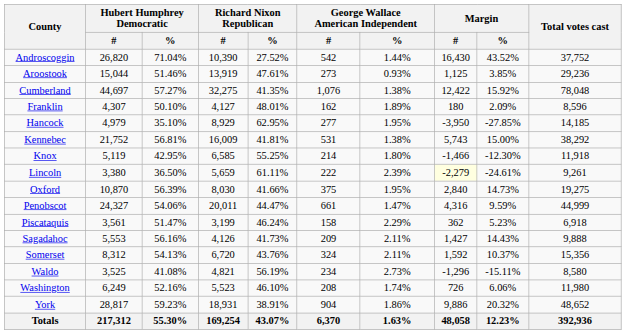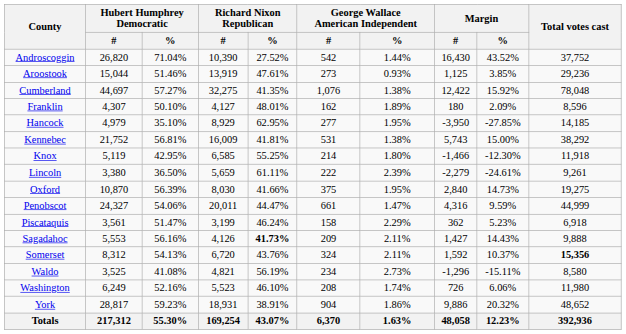 <table width="60%" class="wikitable sortable">
 <tr>
 <th rowspan="2">County</th>
 <th colspan="2">Hubert Humphrey<br>Democratic</th>
 <th colspan="2">Richard Nixon<br>Republican</th>
 <th colspan="2">George Wallace<br>American Independent</th>
 <th colspan="2">Margin</th>
 <th rowspan="2">Total votes cast</th>
 </tr>
 <tr>
 <th style="text-align:center;" data-sort-type="number">#</th>
 <th style="text-align:center;" data-sort-type="number">%</th>
 <th style="text-align:center;" data-sort-type="number">#</th>
 <th style="text-align:center;" data-sort-type="number">%</th>
 <th style="text-align:center;" data-sort-type="number">#</th>
 <th style="text-align:center;" data-sort-type="number">%</th>
 <th style="text-align:center;" data-sort-type="number">#</th>
 <th style="text-align:center;" data-sort-type="number">%</th>
 </tr>
 <tr style="text-align:center;">
 <td><a href='#'>Androscoggin</a></td>
 <td>26,820</td>
 <td>71.04%</td>
 <td>10,390</td>
 <td>27.52%</td>
 <td>542</td>
 <td>1.44%</td>
 <td>16,430</td>
 <td>43.52%</td>
 <td>37,752</td>
 </tr>
 <tr style="text-align:center;">
 <td><a href='#'>Aroostook</a></td>
 <td>15,044</td>
 <td>51.46%</td>
 <td>13,919</td>
 <td>47.61%</td>
 <td>273</td>
 <td>0.93%</td>
 <td>1,125</td>
 <td>3.85%</td>
 <td>29,236</td>
 </tr>
 <tr style="text-align:center;">
 <td><a href='#'>Cumberland</a></td>
 <td>44,697</td>
 <td>57.27%</td>
 <td>32,275</td>
 <td>41.35%</td>
 <td>1,076</td>
 <td>1.38%</td>
 <td>12,422</td>
 <td>15.92%</td>
 <td>78,048</td>
 </tr>
 <tr style="text-align:center;">
 <td><a href='#'>Franklin</a></td>
 <td>4,307</td>
 <td>50.10%</td>
 <td>4,127</td>
 <td>48.01%</td>
 <td>162</td>
 <td>1.89%</td>
 <td>180</td>
 <td>2.09%</td>
 <td>8,596</td>
 </tr>
 <tr style="text-align:center;">
 <td><a href='#'>Hancock</a></td>
 <td>4,979</td>
 <td>35.10%</td>
 <td>8,929</td>
 <td>62.95%</td>
 <td>277</td>
 <td>1.95%</td>
 <td>-3,950</td>
 <td>-27.85%</td>
 <td>14,185</td>
 </tr>
 <tr style="text-align:center;">
 <td><a href='#'>Kennebec</a></td>
 <td>21,752</td>
 <td>56.81%</td>
 <td>16,009</td>
 <td>41.81%</td>
 <td>531</td>
 <td>1.38%</td>
 <td>5,743</td>
 <td>15.00%</td>
 <td>38,292</td>
 </tr>
 <tr style="text-align:center;">
 <td><a href='#'>Knox</a></td>
 <td>5,119</td>
 <td>42.95%</td>
 <td>6,585</td>
 <td>55.25%</td>
 <td>214</td>
 <td>1.80%</td>
 <td>-1,466</td>
 <td>-12.30%</td>
 <td>11,918</td>
 </tr>
 <tr style="text-align:center;">
 <td><a href='#'>Lincoln</a></td>
 <td>3,380</td>
 <td>36.50%</td>
 <td>5,659</td>
 <td>61.11%</td>
 <td>222</td>
 <td>2.39%</td>
-<td style="background: lightyellow;">-2,279</td>
+<td>-2,279</td>
 <td>-24.61%</td>
 <td>9,261</td>
 </tr>
 <tr style="text-align:center;">
 <td><a href='#'>Oxford</a></td>
 <td>10,870</td>
 <td>56.39%</td>
 <td>8,030</td>
 <td>41.66%</td>
 <td>375</td>
 <td>1.95%</td>
 <td>2,840</td>
 <td>14.73%</td>
 <td>19,275</td>
 </tr>
 <tr style="text-align:center;">
 <td><a href='#'>Penobscot</a></td>
 <td>24,327</td>
 <td>54.06%</td>
 <td>20,011</td>
 <td>44.47%</td>
 <td>661</td>
 <td>1.47%</td>
 <td>4,316</td>
 <td>9.59%</td>
 <td>44,999</td>
 </tr>
 <tr style="text-align:center;">
 <td><a href='#'>Piscataquis</a></td>
 <td>3,561</td>
 <td>51.47%</td>
 <td>3,199</td>
 <td>46.24%</td>
 <td>158</td>
 <td>2.29%</td>
 <td>362</td>
 <td>5.23%</td>
 <td>6,918</td>
 </tr>
 <tr style="text-align:center;">
 <td><a href='#'>Sagadahoc</a></td>
 <td>5,553</td>
 <td>56.16%</td>
 <td>4,126</td>
-<td>41.73%</td>
+<td><strong>41.73%</strong></td>
 <td>209</td>
 <td>2.11%</td>
 <td>1,427</td>
 <td>14.43%</td>
 <td>9,888</td>
 </tr>
 <tr style="text-align:center;">
 <td><a href='#'>Somerset</a></td>
 <td>8,312</td>
 <td>54.13%</td>
 <td>6,720</td>
 <td>43.76%</td>
 <td>324</td>
 <td>2.11%</td>
 <td>1,592</td>
 <td>10.37%</td>
-<td>15,356</td>
+<td><strong>15,356</strong></td>
 </tr>
 <tr style="text-align:center;">
 <td><a href='#'>Waldo</a></td>
 <td>3,525</td>
 <td>41.08%</td>
 <td>4,821</td>
 <td>56.19%</td>
 <td>234</td>
 <td>2.73%</td>
 <td>-1,296</td>
 <td>-15.11%</td>
 <td>8,580</td>
 </tr>
 <tr style="text-align:center;">
 <td><a href='#'>Washington</a></td>
 <td>6,249</td>
 <td>52.16%</td>
 <td>5,523</td>
 <td>46.10%</td>
 <td>208</td>
 <td>1.74%</td>
 <td>726</td>
 <td>6.06%</td>
 <td>11,980</td>
 </tr>
 <tr style="text-align:center;">
 <td><a href='#'>York</a></td>
 <td>28,817</td>
 <td>59.23%</td>
 <td>18,931</td>
 <td>38.91%</td>
 <td>904</td>
 <td>1.86%</td>
 <td>9,886</td>
 <td>20.32%</td>
 <td>48,652</td>
 </tr>
 <tr>
 <th>Totals</th>
 <th>217,312</th>
 <th>55.30%</th>
 <th>169,254</th>
 <th>43.07%</th>
 <th>6,370</th>
 <th>1.63%</th>
 <th>48,058</th>
 <th>12.23%</th>
 <th>392,936</th>
 </tr>
 </table>
